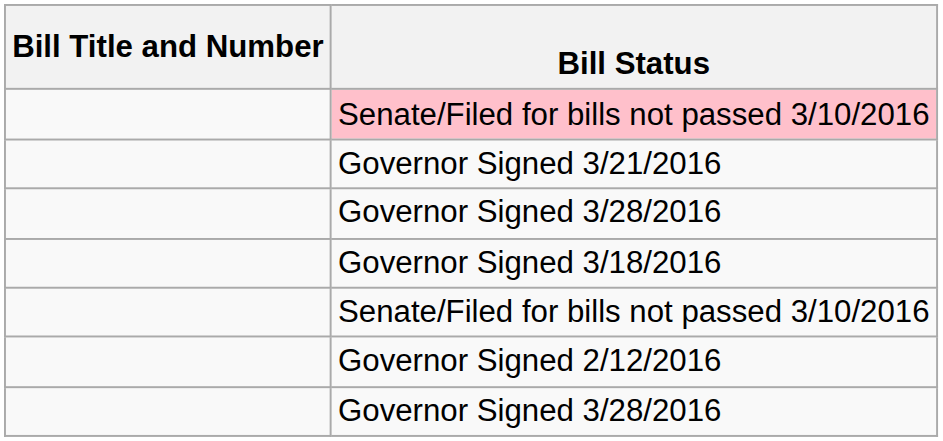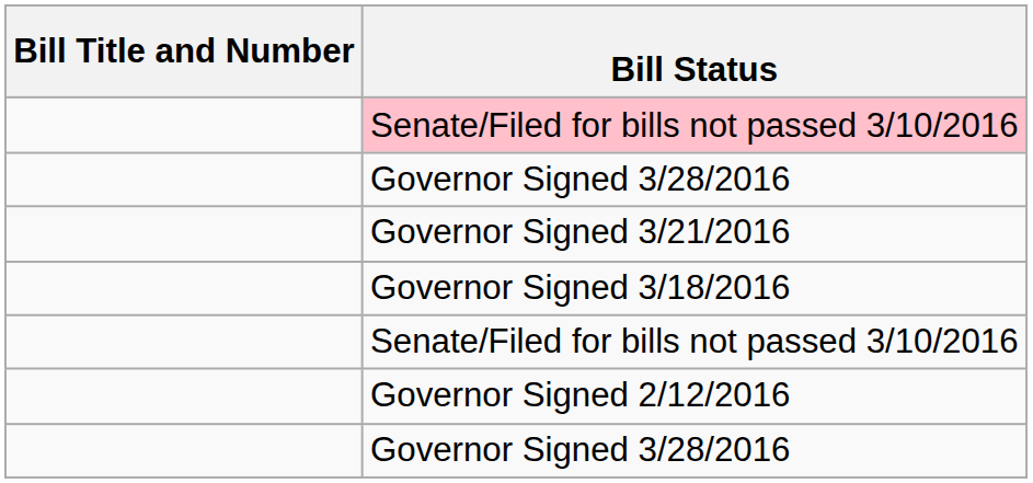 <table class="wikitable">
 <tr>
 <th>Bill Title and Number</th>
 <th><br>Bill Status</th>
 </tr>
 <tr>
 <td></td>
 <td style="background: pink;">Senate/Filed for bills not passed 3/10/2016</td>
 </tr>
 <tr>
 <td></td>
-<td>Governor Signed 3/21/2016</td>
+<td>Governor Signed 3/28/2016</td>
 </tr>
 <tr>
 <td></td>
-<td>Governor Signed 3/28/2016</td>
+<td>Governor Signed 3/21/2016</td>
 </tr>
 <tr>
 <td></td>
 <td>Governor Signed 3/18/2016</td>
 </tr>
 <tr>
 <td></td>
 <td>Senate/Filed for bills not passed 3/10/2016</td>
 </tr>
 <tr>
 <td></td>
 <td>Governor Signed 2/12/2016</td>
 </tr>
 <tr>
 <td></td>
 <td>Governor Signed 3/28/2016</td>
 </tr>
 </table>
